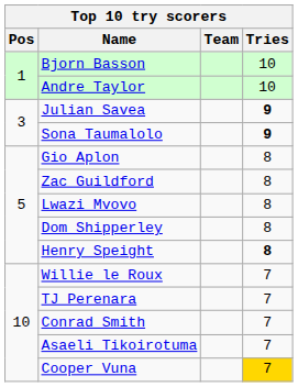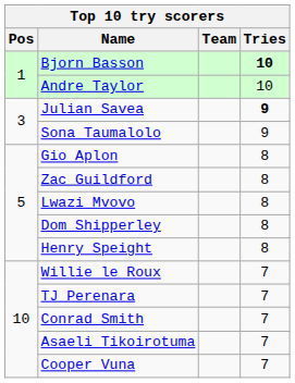 <table class="wikitable">
 <tr>
 <th colspan=4>Top 10 try scorers</th>
 </tr>
 <tr>
 <th>Pos</th>
 <th>Name</th>
 <th>Team</th>
 <th>Tries</th>
 </tr>
 <tr style="background:#d0ffd0;">
 <td rowspan="2" style="text-align:center">1</td>
 <td><a href='#'>Bjorn Basson</a></td>
 <td></td>
-<td style="text-align:center">10</td>
+<td style="text-align:center"><strong>10</strong></td>
 </tr>
 <tr style="background:#d0ffd0">
 <td><a href='#'>Andre Taylor</a></td>
 <td></td>
 <td style="text-align:center">10</td>
 </tr>
 <tr>
 <td rowspan="2" style="text-align:center">3</td>
 <td><a href='#'>Julian Savea</a></td>
 <td></td>
 <td style="text-align:center"><strong>9</strong></td>
 </tr>
 <tr>
 <td><a href='#'>Sona Taumalolo</a></td>
 <td></td>
-<td style="text-align:center"><strong>9</strong></td>
+<td style="text-align:center">9</td>
 </tr>
 <tr>
 <td rowspan="5" style="text-align:center">5</td>
 <td><a href='#'>Gio Aplon</a></td>
 <td></td>
 <td style="text-align:center">8</td>
 </tr>
 <tr>
 <td><a href='#'>Zac Guildford</a></td>
 <td></td>
 <td style="text-align:center">8</td>
 </tr>
 <tr>
 <td><a href='#'>Lwazi Mvovo</a></td>
 <td></td>
 <td style="text-align:center">8</td>
 </tr>
 <tr>
 <td><a href='#'>Dom Shipperley</a></td>
 <td></td>
 <td style="text-align:center">8</td>
 </tr>
 <tr>
 <td><a href='#'>Henry Speight</a></td>
 <td></td>
-<td style="text-align:center"><strong>8</strong></td>
+<td style="text-align:center">8</td>
 </tr>
 <tr>
 <td rowspan="5" style="text-align:center">10</td>
 <td><a href='#'>Willie le Roux</a></td>
 <td></td>
 <td style="text-align:center">7</td>
 </tr>
 <tr>
 <td><a href='#'>TJ Perenara</a></td>
 <td></td>
 <td style="text-align:center">7</td>
 </tr>
 <tr>
 <td><a href='#'>Conrad Smith</a></td>
 <td></td>
 <td style="text-align:center">7</td>
 </tr>
 <tr>
 <td><a href='#'>Asaeli Tikoirotuma</a></td>
 <td></td>
 <td style="text-align:center">7</td>
 </tr>
 <tr>
 <td><a href='#'>Cooper Vuna</a></td>
 <td></td>
-<td style="background: gold; text-align:center">7</td>
+<td style="text-align:center">7</td>
 </tr>
 </table>
